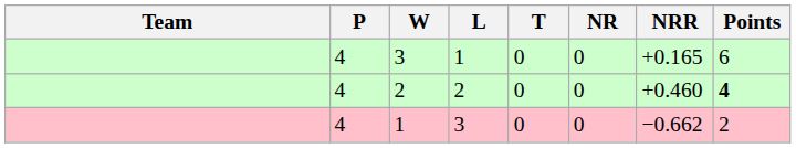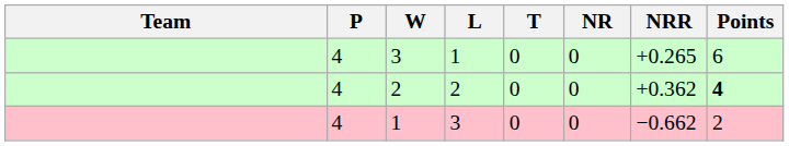 <table class="wikitable">
 <tr>
 <th width=38%>Team</th>
 <th width=7%>P</th>
 <th width=7%>W</th>
 <th width=7%>L</th>
 <th width=7%>T</th>
 <th width=8%>NR</th>
 <th width=9%>NRR</th>
 <th width=9%>Points</th>
 </tr>
 <tr bgcolor=ccffcc>
 <td align=left></td>
 <td>4</td>
 <td>3</td>
 <td>1</td>
 <td>0</td>
 <td>0</td>
-<td>+0.165</td>
+<td>+0.265</td>
 <td>6</td>
 </tr>
 <tr bgcolor=ccffcc>
 <td align=left></td>
 <td>4</td>
 <td>2</td>
 <td>2</td>
 <td>0</td>
 <td>0</td>
-<td>+0.460</td>
+<td>+0.362</td>
 <td><strong>4</strong></td>
 </tr>
 <tr bgcolor=pink>
 <td align=left></td>
 <td>4</td>
 <td>1</td>
 <td>3</td>
 <td>0</td>
 <td>0</td>
 <td>−0.662</td>
 <td>2</td>
 </tr>
 </table>
